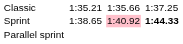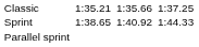 <table>
 <tr>
 <td>Classic</td>
 <td></td>
 <td>1:35.21</td>
 <td></td>
 <td>1:35.66</td>
 <td></td>
 <td>1:37.25</td>
 </tr>
 <tr>
 <td>Sprint</td>
 <td></td>
 <td>1:38.65</td>
 <td></td>
-<td style="background: pink;">1:40.92</td>
+<td>1:40.92</td>
 <td></td>
-<td><strong>1:44.33</strong></td>
+<td>1:44.33</td>
 </tr>
 <tr>
 <td>Parallel sprint</td>
 <td colspan=2></td>
 <td colspan=2></td>
 <td colspan=2></td>
 </tr>
 </table>
